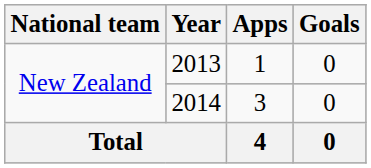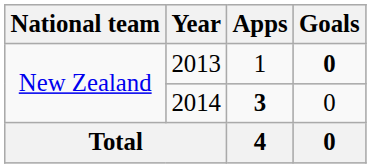 <table class=wikitable style=text-align:center>
 <tr>
 <th>National team</th>
 <th>Year</th>
 <th>Apps</th>
 <th>Goals</th>
 </tr>
 <tr>
 <td rowspan=2><a href='#'>New Zealand</a></td>
 <td>2013</td>
 <td>1</td>
-<td>0</td>
+<td><strong>0</strong></td>
 </tr>
 <tr>
 <td>2014</td>
-<td>3</td>
+<td><strong>3</strong></td>
 <td>0</td>
 </tr>
 <tr>
 <th colspan=2>Total</th>
 <th>4</th>
 <th>0</th>
 </tr>
 </table>
